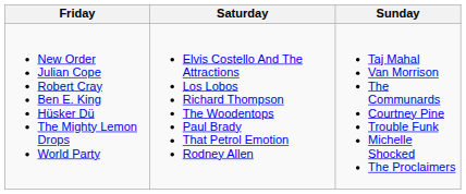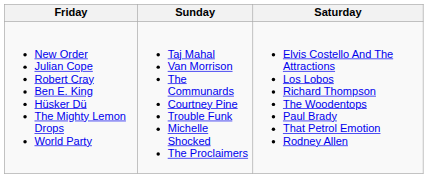 <table class="wikitable">
 <tr>
 <th>Friday</th>
+<th>Sunday</th>
 <th>Saturday</th>
-<th>Sunday</th>
 </tr>
 <tr valign="top">
 <td><br><ul><li><a href='#'>New Order</a></li><li><a href='#'>Julian Cope</a></li><li><a href='#'>Robert Cray</a></li><li><a href='#'>Ben E. King</a></li><li><a href='#'>Hüsker Dü</a></li><li><a href='#'>The Mighty Lemon Drops</a></li><li><a href='#'>World Party</a></li></ul></td>
+<td><br><ul><li><a href='#'>Taj Mahal</a></li><li><a href='#'>Van Morrison</a></li><li><a href='#'>The Communards</a></li><li><a href='#'>Courtney Pine</a></li><li><a href='#'>Trouble Funk</a></li><li><a href='#'>Michelle Shocked</a></li><li><a href='#'>The Proclaimers</a></li></ul></td>
 <td><br><ul><li><a href='#'>Elvis Costello And The Attractions</a></li><li><a href='#'>Los Lobos</a></li><li><a href='#'>Richard Thompson</a></li><li><a href='#'>The Woodentops</a></li><li><a href='#'>Paul Brady</a></li><li><a href='#'>That Petrol Emotion</a></li><li><a href='#'>Rodney Allen</a></li></ul></td>
-<td><br><ul><li><a href='#'>Taj Mahal</a></li><li><a href='#'>Van Morrison</a></li><li><a href='#'>The Communards</a></li><li><a href='#'>Courtney Pine</a></li><li><a href='#'>Trouble Funk</a></li><li><a href='#'>Michelle Shocked</a></li><li><a href='#'>The Proclaimers</a></li></ul></td>
 </tr>
 </table>
